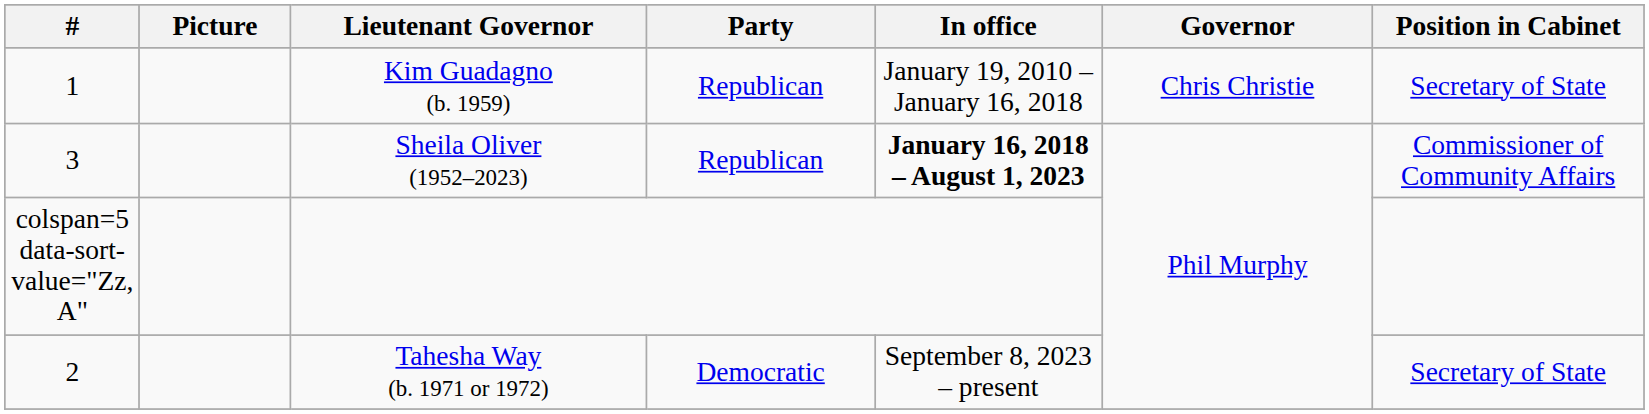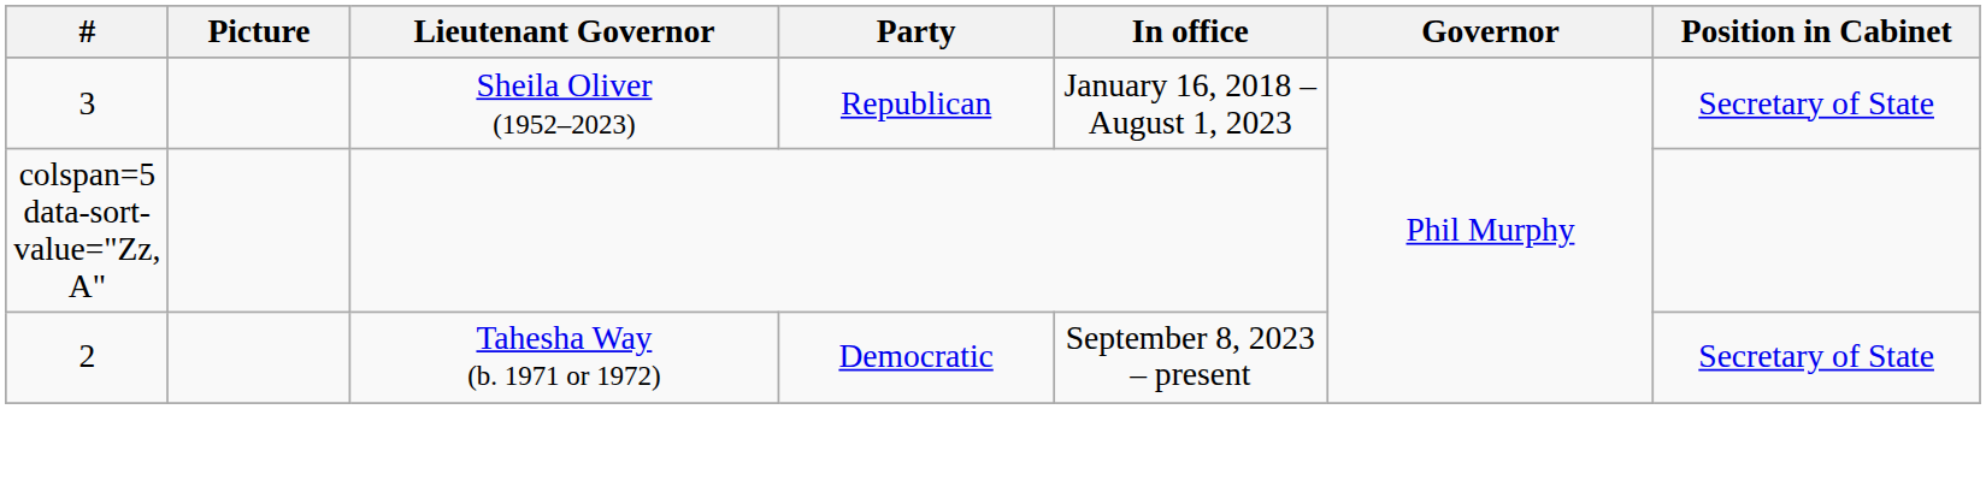 <table class="wikitable" style="text-align:center">
 <tr>
 <th scope="col" style="width:30px;">#</th>
 <th scope="col" style="width:80px;">Picture</th>
 <th scope="col" style="width:200px;">Lieutenant Governor</th>
 <th scope="col" style="width:125px;">Party</th>
 <th scope="col" style="width:125px;">In office</th>
 <th scope="col" style="width:150px;">Governor</th>
 <th scope="col" style="width:150px;">Position in Cabinet</th>
 </tr>
 <tr>
-<td>1</td>
-<td></td>
-<td><a href='#'>Kim Guadagno</a><br><small>(b. 1959)</small></td>
-<td><a href='#'>Republican</a></td>
-<td>January 19, 2010 – January 16, 2018</td>
-<td><a href='#'>Chris Christie</a></td>
-<td><a href='#'>Secretary of State</a></td>
-</tr>
-<tr>
 <td>3</td>
 <td></td>
 <td><a href='#'>Sheila Oliver</a><br><small>(1952–2023)</small></td>
 <td><a href='#'>Republican</a></td>
-<td><strong>January 16, 2018 – August 1, 2023</strong></td>
+<td>January 16, 2018 – August 1, 2023</td>
 <td rowspan=3><a href='#'>Phil Murphy</a></td>
-<td><a href='#'>Commissioner of Community Affairs</a></td>
+<td><a href='#'>Secretary of State</a></td>
 </tr>
 <tr>
 <td>colspan=5 data-sort-value="Zz, A" </td>
 <td></td>
 </tr>
 <tr>
 <td>2</td>
 <td></td>
 <td><a href='#'>Tahesha Way</a><br><small>(b. 1971 or 1972)</small></td>
 <td><a href='#'>Democratic</a></td>
 <td>September 8, 2023 – present</td>
 <td><a href='#'>Secretary of State</a></td>
 </tr>
 </table>
